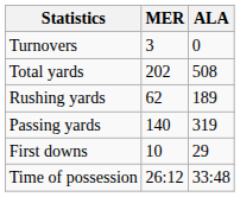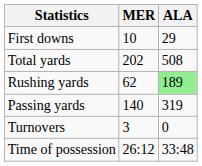 <table class="wikitable" style="float: left;">
 <tr>
 <th>Statistics</th>
 <th>MER</th>
 <th>ALA</th>
 </tr>
 <tr>
-<td>Turnovers</td>
-<td>3</td>
-<td>0</td>
+<td>First downs</td>
+<td>10</td>
+<td>29</td>
 </tr>
 <tr>
 <td>Total yards</td>
 <td>202</td>
 <td>508</td>
 </tr>
 <tr>
 <td>Rushing yards</td>
 <td>62</td>
-<td>189</td>
+<td style="background: lightgreen;">189</td>
 </tr>
 <tr>
 <td>Passing yards</td>
 <td>140</td>
 <td>319</td>
 </tr>
 <tr>
-<td>First downs</td>
-<td>10</td>
-<td>29</td>
+<td>Turnovers</td>
+<td>3</td>
+<td>0</td>
 </tr>
 <tr>
 <td>Time of possession</td>
 <td>26:12</td>
 <td>33:48</td>
 </tr>
 </table>
